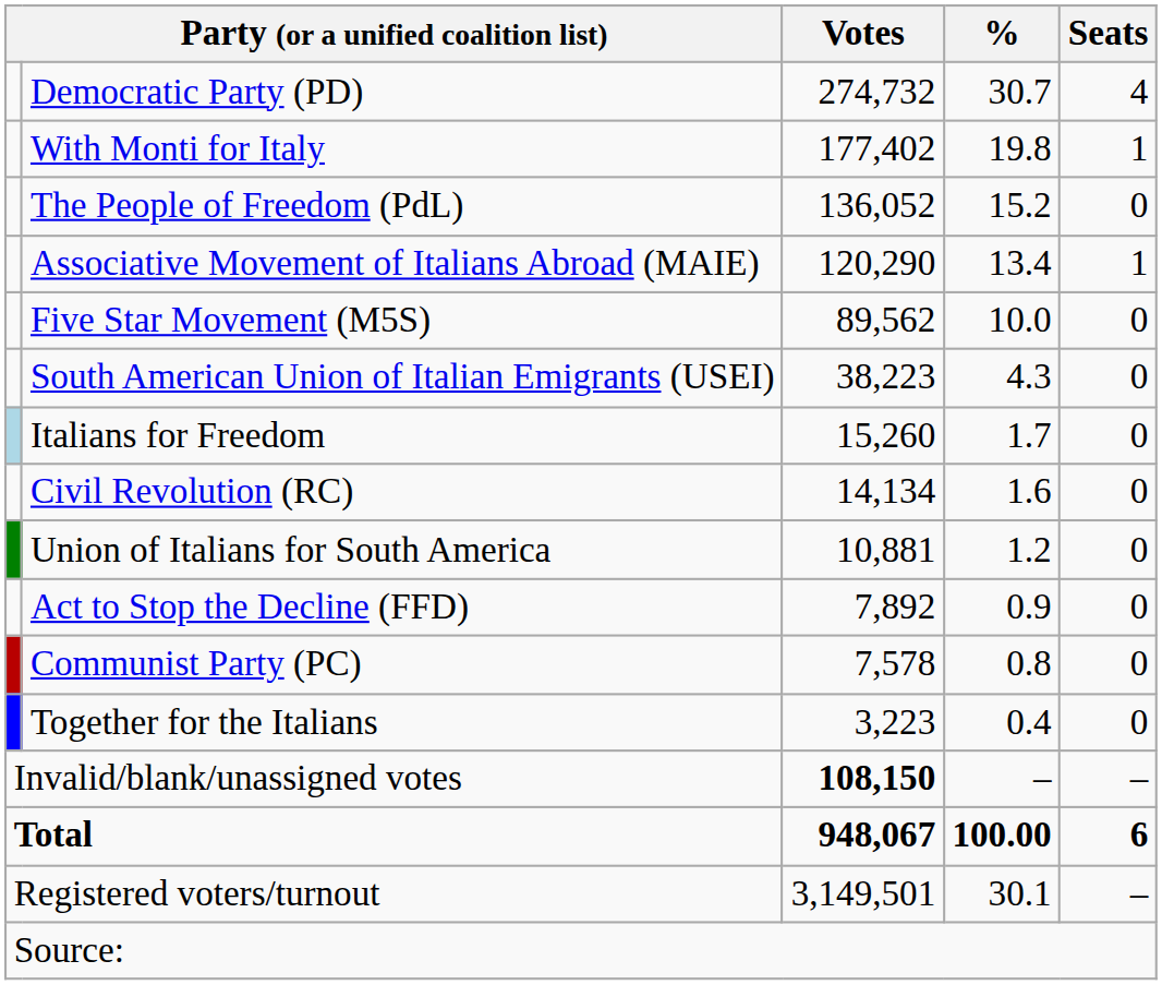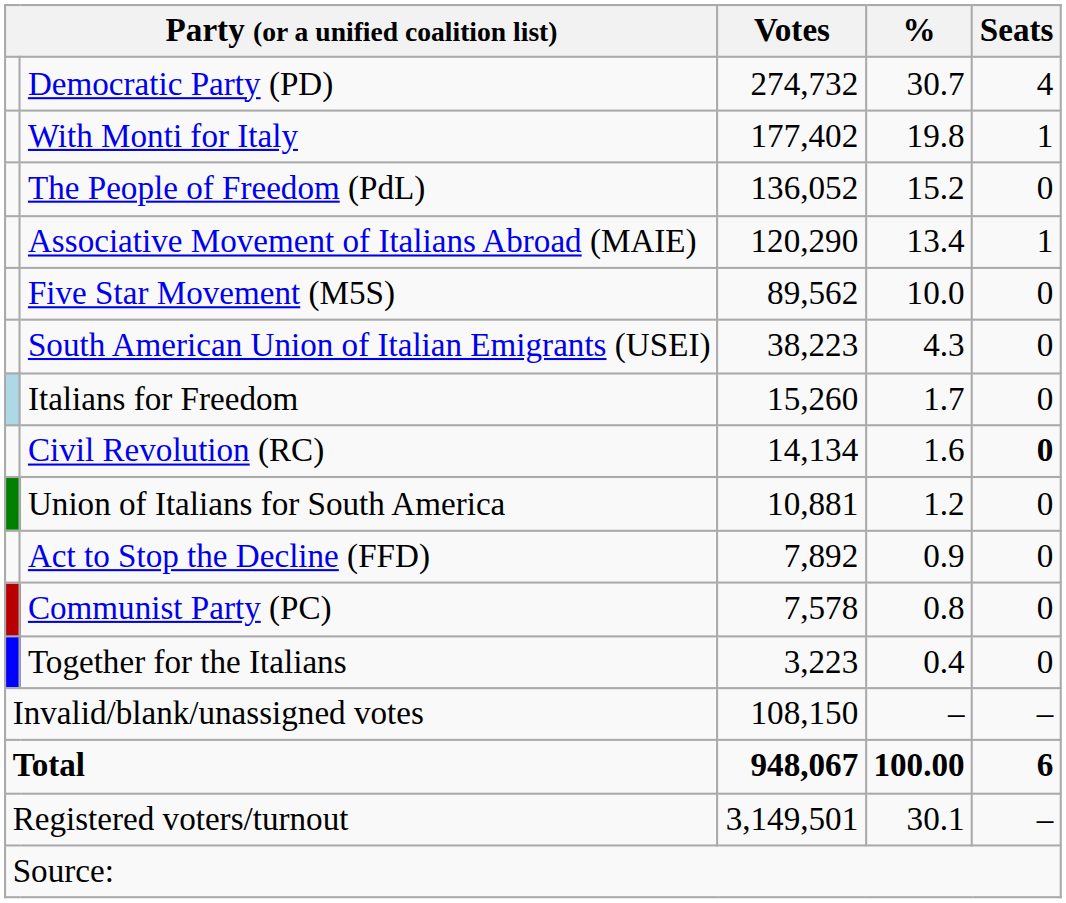 <table class=wikitable style="text-align:right">
 <tr>
 <th colspan=2>Party <small>(or a unified coalition list)</small></th>
 <th>Votes</th>
 <th>%</th>
 <th>Seats</th>
 </tr>
 <tr>
 <td></td>
 <td align=left><a href='#'>Democratic Party</a> (PD)</td>
 <td>274,732</td>
 <td>30.7</td>
 <td>4</td>
 </tr>
 <tr>
 <td></td>
 <td align=left><a href='#'>With Monti for Italy</a></td>
 <td>177,402</td>
 <td>19.8</td>
 <td>1</td>
 </tr>
 <tr>
 <td></td>
 <td align=left><a href='#'>The People of Freedom</a> (PdL)</td>
 <td>136,052</td>
 <td>15.2</td>
 <td>0</td>
 </tr>
 <tr>
 <td></td>
 <td align=left><a href='#'>Associative Movement of Italians Abroad</a> (MAIE)</td>
 <td>120,290</td>
 <td>13.4</td>
 <td>1</td>
 </tr>
 <tr>
 <td></td>
 <td align=left><a href='#'>Five Star Movement</a> (M5S)</td>
 <td>89,562</td>
 <td>10.0</td>
 <td>0</td>
 </tr>
 <tr>
 <td></td>
 <td align=left><a href='#'>South American Union of Italian Emigrants</a> (USEI)</td>
 <td>38,223</td>
 <td>4.3</td>
 <td>0</td>
 </tr>
 <tr>
 <td style="background:lightblue;"></td>
 <td align=left>Italians for Freedom</td>
 <td>15,260</td>
 <td>1.7</td>
 <td>0</td>
 </tr>
 <tr>
 <td></td>
 <td align=left><a href='#'>Civil Revolution</a> (RC)</td>
 <td>14,134</td>
 <td>1.6</td>
-<td>0</td>
+<td><strong>0</strong></td>
 </tr>
 <tr>
 <td style="background:green;"></td>
 <td align=left>Union of Italians for South America</td>
 <td>10,881</td>
 <td>1.2</td>
 <td>0</td>
 </tr>
 <tr>
 <td style="background-color:"></td>
 <td align=left><a href='#'>Act to Stop the Decline</a> (FFD)</td>
 <td>7,892</td>
 <td>0.9</td>
 <td>0</td>
 </tr>
 <tr>
 <td style="background:#B80000;"></td>
 <td align=left><a href='#'>Communist Party</a> (PC)</td>
 <td>7,578</td>
 <td>0.8</td>
 <td>0</td>
 </tr>
 <tr>
 <td style="background:blue;"></td>
 <td align=left>Together for the Italians</td>
 <td>3,223</td>
 <td>0.4</td>
 <td>0</td>
 </tr>
 <tr>
 <td style="text-align:left;" colspan="2">Invalid/blank/unassigned votes</td>
-<td><strong>108,150</strong></td>
+<td>108,150</td>
 <td>–</td>
 <td>–</td>
 </tr>
 <tr>
 <td style="text-align:left;" colspan="2"><strong>Total</strong></td>
 <td><strong>948,067</strong></td>
 <td><strong>100.00</strong></td>
 <td><strong>6</strong></td>
 </tr>
 <tr>
 <td style="text-align:left;" colspan="2">Registered voters/turnout</td>
 <td>3,149,501</td>
 <td>30.1</td>
 <td>–</td>
 </tr>
 <tr>
 <td style="text-align:left;" colspan="7">Source: </td>
 </tr>
 </table>
